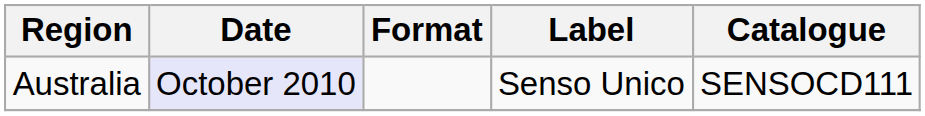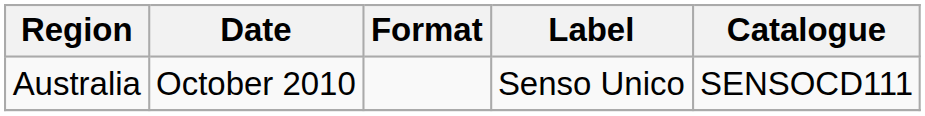 <table class="wikitable plainrowheaders">
 <tr>
 <th scope="col">Region</th>
 <th scope="col">Date</th>
 <th scope="col">Format</th>
 <th scope="col">Label</th>
 <th scope="col">Catalogue</th>
 </tr>
 <tr>
 <td>Australia</td>
-<td style="background: lavender;">October 2010</td>
+<td>October 2010</td>
 <td></td>
 <td>Senso Unico</td>
 <td>SENSOCD111</td>
 </tr>
 <tr>
 </tr>
 </table>
